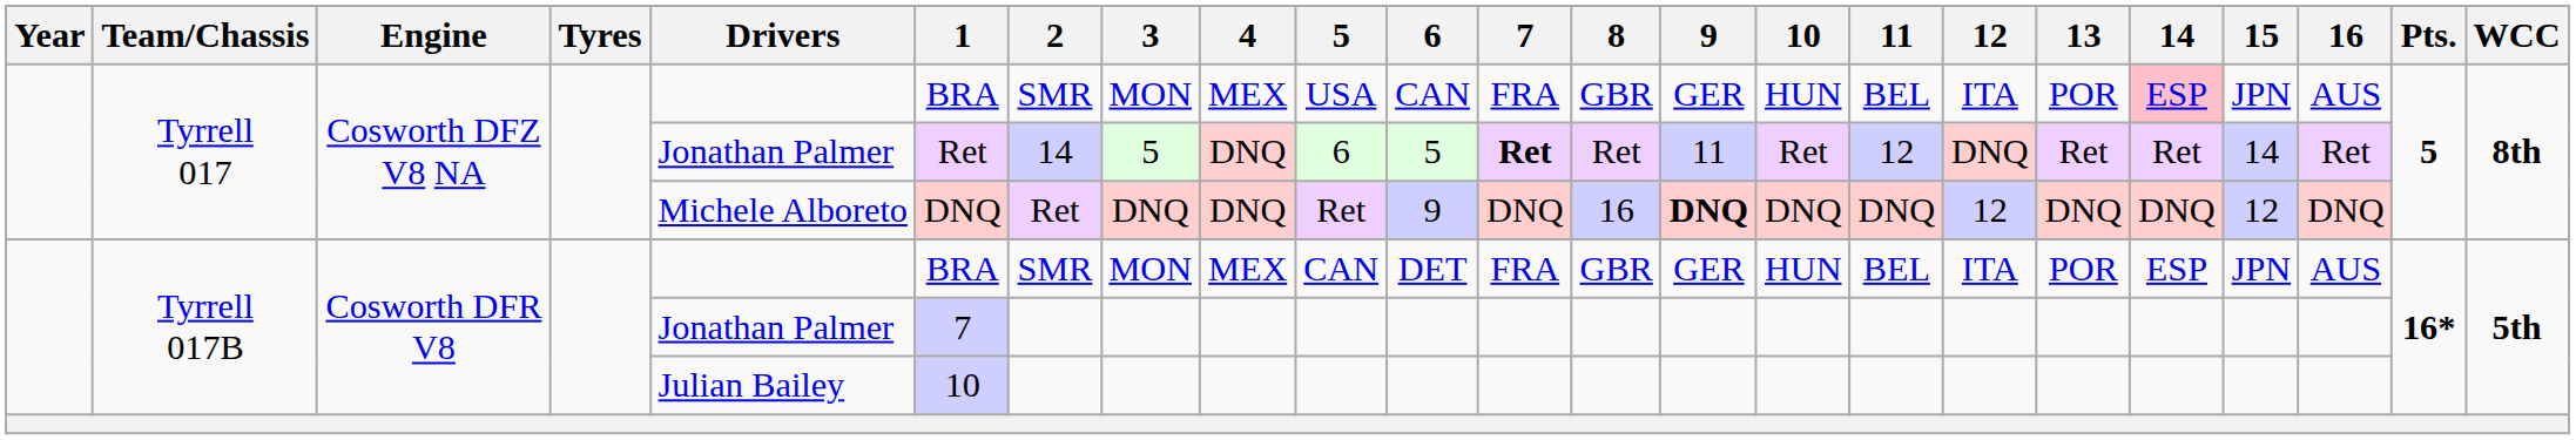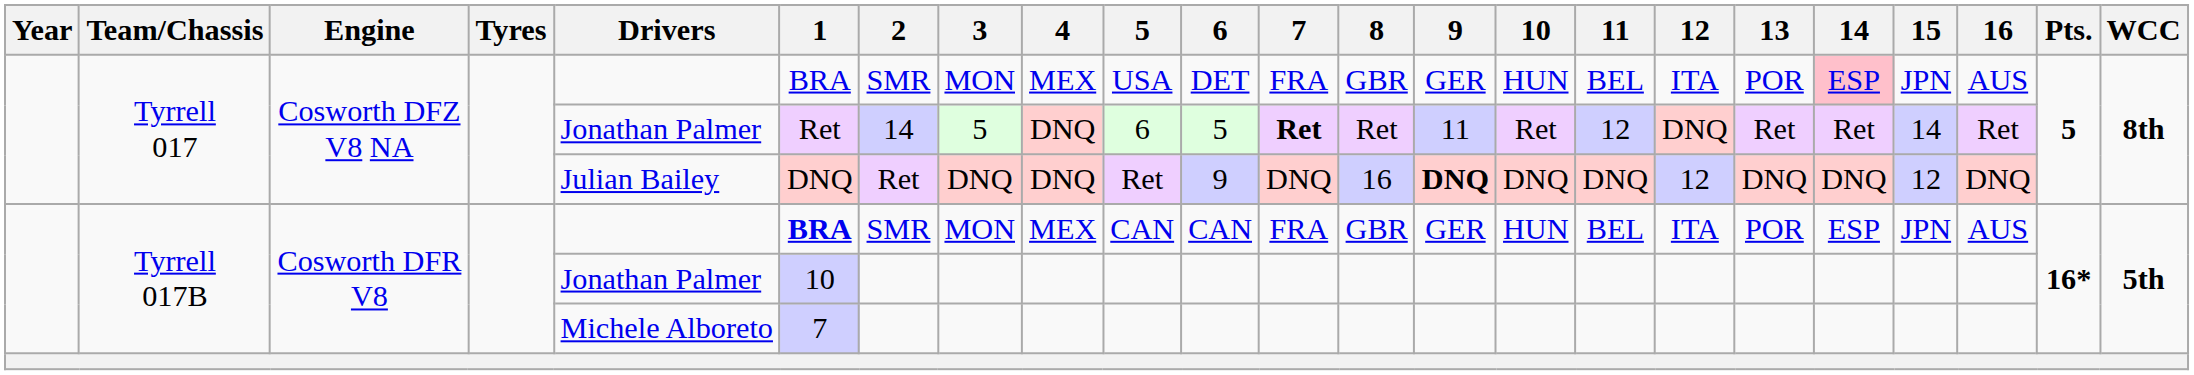 <table class="wikitable" style="text-align:center; font-size:95%">
 <tr>
 <th>Year</th>
 <th>Team/Chassis</th>
 <th>Engine</th>
 <th>Tyres</th>
 <th>Drivers</th>
 <th>1</th>
 <th>2</th>
 <th>3</th>
 <th>4</th>
 <th>5</th>
 <th>6</th>
 <th>7</th>
 <th>8</th>
 <th>9</th>
 <th>10</th>
 <th>11</th>
 <th>12</th>
 <th>13</th>
 <th>14</th>
 <th>15</th>
 <th>16</th>
 <th>Pts.</th>
 <th>WCC</th>
 </tr>
 <tr>
 <td rowspan="3"></td>
 <td rowspan="3"><a href='#'>Tyrrell</a><br>017</td>
 <td rowspan="3"><a href='#'>Cosworth DFZ</a><br><a href='#'>V8</a> <a href='#'>NA</a></td>
 <td rowspan="3"></td>
 <td></td>
 <td><a href='#'>BRA</a></td>
 <td><a href='#'>SMR</a></td>
 <td><a href='#'>MON</a></td>
 <td><a href='#'>MEX</a></td>
 <td><a href='#'>USA</a></td>
-<td><a href='#'>CAN</a></td>
+<td><a href='#'>DET</a></td>
 <td><a href='#'>FRA</a></td>
 <td><a href='#'>GBR</a></td>
 <td><a href='#'>GER</a></td>
 <td><a href='#'>HUN</a></td>
 <td><a href='#'>BEL</a></td>
 <td><a href='#'>ITA</a></td>
 <td><a href='#'>POR</a></td>
 <td style="background: pink;"><a href='#'>ESP</a></td>
 <td><a href='#'>JPN</a></td>
 <td><a href='#'>AUS</a></td>
 <td rowspan="3"><strong>5</strong></td>
 <td rowspan="3"><strong>8th</strong></td>
 </tr>
 <tr>
 <td align="left"><a href='#'>Jonathan Palmer</a></td>
 <td style="background:#efcfff;">Ret</td>
 <td style="background:#cfcfff;">14</td>
 <td style="background:#dfffdf;">5</td>
 <td style="background:#ffcfcf;">DNQ</td>
 <td style="background:#dfffdf;">6</td>
 <td style="background:#dfffdf;">5</td>
 <td style="background:#efcfff;"><strong>Ret</strong></td>
 <td style="background:#efcfff;">Ret</td>
 <td style="background:#cfcfff;">11</td>
 <td style="background:#efcfff;">Ret</td>
 <td style="background:#cfcfff;">12</td>
 <td style="background:#ffcfcf;">DNQ</td>
 <td style="background:#efcfff;">Ret</td>
 <td style="background:#efcfff;">Ret</td>
 <td style="background:#cfcfff;">14</td>
 <td style="background:#efcfff;">Ret</td>
 </tr>
 <tr>
-<td align="left"><a href='#'>Michele Alboreto</a></td>
+<td align="left"><a href='#'>Julian Bailey</a></td>
 <td style="background:#ffcfcf;">DNQ</td>
 <td style="background:#efcfff;">Ret</td>
 <td style="background:#ffcfcf;">DNQ</td>
 <td style="background:#ffcfcf;">DNQ</td>
 <td style="background:#efcfff;">Ret</td>
 <td style="background:#cfcfff;">9</td>
 <td style="background:#ffcfcf;">DNQ</td>
 <td style="background:#cfcfff;">16</td>
 <td style="background:#ffcfcf;"><strong>DNQ</strong></td>
 <td style="background:#ffcfcf;">DNQ</td>
 <td style="background:#ffcfcf;">DNQ</td>
 <td style="background:#cfcfff;">12</td>
 <td style="background:#ffcfcf;">DNQ</td>
 <td style="background:#ffcfcf;">DNQ</td>
 <td style="background:#cfcfff;">12</td>
 <td style="background:#ffcfcf;">DNQ</td>
 </tr>
 <tr>
 <td rowspan="3"></td>
 <td rowspan="3"><a href='#'>Tyrrell</a><br>017B</td>
 <td rowspan="3"><a href='#'>Cosworth DFR</a><br><a href='#'>V8</a></td>
 <td rowspan="3"></td>
 <td></td>
-<td><a href='#'>BRA</a></td>
+<td><strong><a href='#'>BRA</a></strong></td>
 <td><a href='#'>SMR</a></td>
 <td><a href='#'>MON</a></td>
 <td><a href='#'>MEX</a></td>
 <td><a href='#'>CAN</a></td>
-<td><a href='#'>DET</a></td>
+<td><a href='#'>CAN</a></td>
 <td><a href='#'>FRA</a></td>
 <td><a href='#'>GBR</a></td>
 <td><a href='#'>GER</a></td>
 <td><a href='#'>HUN</a></td>
 <td><a href='#'>BEL</a></td>
 <td><a href='#'>ITA</a></td>
 <td><a href='#'>POR</a></td>
 <td><a href='#'>ESP</a></td>
 <td><a href='#'>JPN</a></td>
 <td><a href='#'>AUS</a></td>
 <td rowspan="3"><strong>16*</strong></td>
 <td rowspan="3"><strong>5th</strong></td>
 </tr>
 <tr>
 <td align="left"><a href='#'>Jonathan Palmer</a></td>
-<td style="background:#cfcfff;">7</td>
+<td style="background:#cfcfff;">10</td>
 <td></td>
 <td></td>
 <td></td>
 <td></td>
 <td></td>
 <td></td>
 <td></td>
 <td></td>
 <td></td>
 <td></td>
 <td></td>
 <td></td>
 <td></td>
 <td></td>
 <td></td>
 </tr>
 <tr>
-<td align="left"><a href='#'>Julian Bailey</a></td>
-<td style="background:#cfcfff;">10</td>
+<td align="left"><a href='#'>Michele Alboreto</a></td>
+<td style="background:#cfcfff;">7</td>
 <td></td>
 <td></td>
 <td></td>
 <td></td>
 <td></td>
 <td></td>
 <td></td>
 <td></td>
 <td></td>
 <td></td>
 <td></td>
 <td></td>
 <td></td>
 <td></td>
 <td></td>
 </tr>
 <tr>
 <th colspan="23"></th>
 </tr>
 </table>
